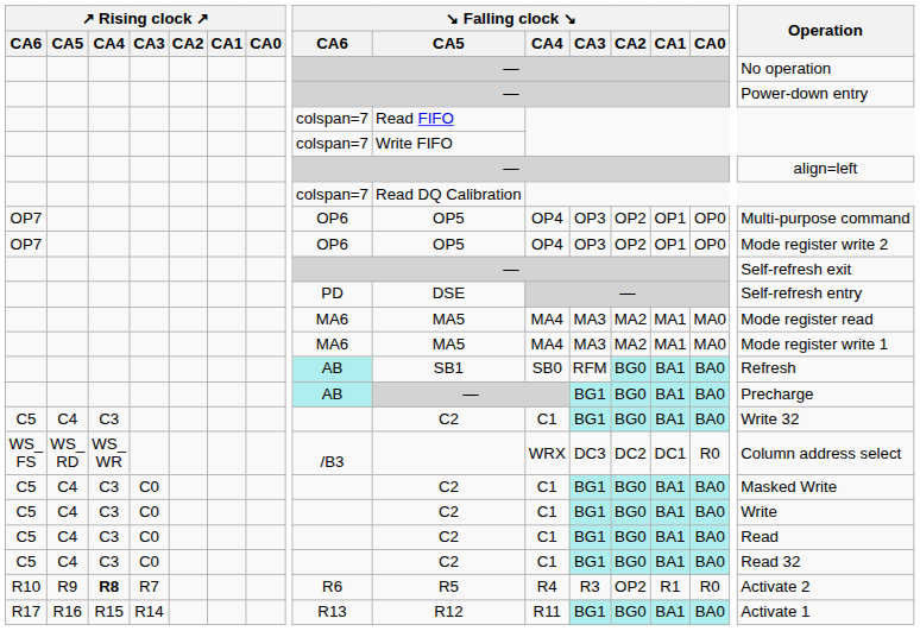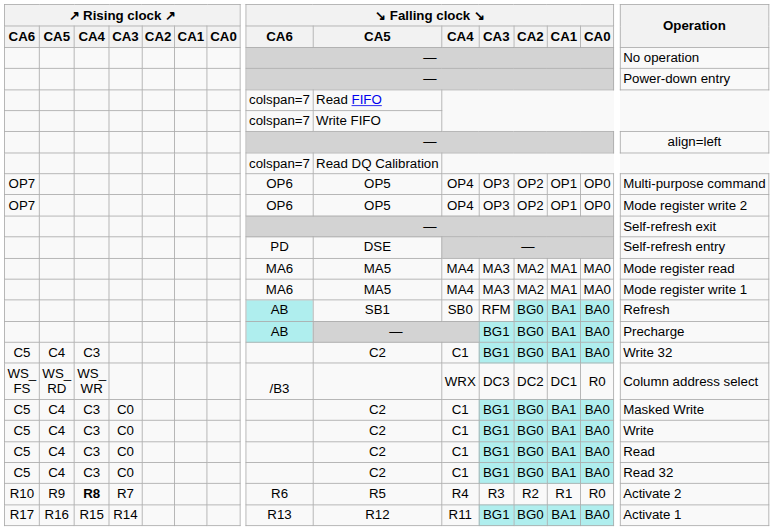 <table class="wikitable" style="text-align:center; border-width:0px;">
 <tr>
 <th colspan=7>↗ Rising clock ↗</th>
 <td rowspan=24 style="border-width:0px; background-color:#FFF;"></td>
 <th colspan=7>↘ Falling clock ↘</th>
 <td rowspan=24 style="border-width:0px; background-color:#FFF;"></td>
 <th rowspan=2>Operation</th>
 </tr>
 <tr>
 <th>CA6</th>
 <th>CA5</th>
 <th>CA4</th>
 <th>CA3</th>
 <th>CA2</th>
 <th>CA1</th>
 <th>CA0</th>
 <th>CA6</th>
 <th>CA5</th>
 <th>CA4</th>
 <th>CA3</th>
 <th>CA2</th>
 <th>CA1</th>
 <th>CA0</th>
 </tr>
 <tr>
 <td></td>
 <td></td>
 <td></td>
 <td></td>
 <td></td>
 <td></td>
 <td></td>
 <td colspan=7 bgcolor=lightgrey>—</td>
 <td align=left>No operation</td>
 </tr>
 <tr>
 <td></td>
 <td></td>
 <td></td>
 <td></td>
 <td></td>
 <td></td>
 <td></td>
 <td colspan=7 bgcolor=lightgrey>—</td>
 <td align=left>Power-down entry</td>
 </tr>
 <tr>
 <td></td>
 <td></td>
 <td></td>
 <td></td>
 <td></td>
 <td></td>
 <td></td>
 <td>colspan=7 </td>
 <td align=left>Read <a href='#'>FIFO</a></td>
 </tr>
 <tr>
 <td></td>
 <td></td>
 <td></td>
 <td></td>
 <td></td>
 <td></td>
 <td></td>
 <td>colspan=7 </td>
 <td align=left>Write FIFO</td>
 </tr>
 <tr>
 <td></td>
 <td></td>
 <td></td>
 <td></td>
 <td></td>
 <td></td>
 <td></td>
 <td colspan=7 bgcolor=lightgrey>—</td>
 <td>align=left </td>
 </tr>
 <tr>
 <td></td>
 <td></td>
 <td></td>
 <td></td>
 <td></td>
 <td></td>
 <td></td>
 <td>colspan=7 </td>
 <td align=left>Read DQ Calibration</td>
 </tr>
 <tr>
 <td>OP7</td>
 <td></td>
 <td></td>
 <td></td>
 <td></td>
 <td></td>
 <td></td>
 <td>OP6</td>
 <td>OP5</td>
 <td>OP4</td>
 <td>OP3</td>
 <td>OP2</td>
 <td>OP1</td>
 <td>OP0</td>
 <td align=left>Multi-purpose command</td>
 </tr>
 <tr>
 <td>OP7</td>
 <td></td>
 <td></td>
 <td></td>
 <td></td>
 <td></td>
 <td></td>
 <td>OP6</td>
 <td>OP5</td>
 <td>OP4</td>
 <td>OP3</td>
 <td>OP2</td>
 <td>OP1</td>
 <td>OP0</td>
 <td align=left>Mode register write 2</td>
 </tr>
 <tr>
 <td></td>
 <td></td>
 <td></td>
 <td></td>
 <td></td>
 <td></td>
 <td></td>
 <td colspan=7 bgcolor=lightgrey>—</td>
 <td align=left>Self-refresh exit</td>
 </tr>
 <tr>
 <td></td>
 <td></td>
 <td></td>
 <td></td>
 <td></td>
 <td></td>
 <td></td>
 <td>PD</td>
 <td>DSE</td>
 <td colspan=5 bgcolor=lightgrey>—</td>
 <td align=left>Self-refresh entry</td>
 </tr>
 <tr>
 <td></td>
 <td></td>
 <td></td>
 <td></td>
 <td></td>
 <td></td>
 <td></td>
 <td>MA6</td>
 <td>MA5</td>
 <td>MA4</td>
 <td>MA3</td>
 <td>MA2</td>
 <td>MA1</td>
 <td>MA0</td>
 <td align=left>Mode register read</td>
 </tr>
 <tr>
 <td></td>
 <td></td>
 <td></td>
 <td></td>
 <td></td>
 <td></td>
 <td></td>
 <td>MA6</td>
 <td>MA5</td>
 <td>MA4</td>
 <td>MA3</td>
 <td>MA2</td>
 <td>MA1</td>
 <td>MA0</td>
 <td align=left>Mode register write 1</td>
 </tr>
 <tr>
 <td></td>
 <td></td>
 <td></td>
 <td></td>
 <td></td>
 <td></td>
 <td></td>
 <td bgcolor=paleturquoise>AB</td>
 <td>SB1</td>
 <td>SB0</td>
 <td>RFM</td>
 <td bgcolor=paleturquoise>BG0</td>
 <td bgcolor=paleturquoise>BA1</td>
 <td bgcolor=paleturquoise>BA0</td>
 <td align=left>Refresh</td>
 </tr>
 <tr>
 <td></td>
 <td></td>
 <td></td>
 <td></td>
 <td></td>
 <td></td>
 <td></td>
 <td bgcolor=paleturquoise>AB</td>
 <td colspan=2 bgcolor=lightgrey>—</td>
 <td bgcolor=paleturquoise>BG1</td>
 <td bgcolor=paleturquoise>BG0</td>
 <td bgcolor=paleturquoise>BA1</td>
 <td bgcolor=paleturquoise>BA0</td>
 <td align=left>Precharge</td>
 </tr>
 <tr>
 <td>C5</td>
 <td>C4</td>
 <td>C3</td>
 <td></td>
 <td></td>
 <td></td>
 <td></td>
 <td></td>
 <td>C2</td>
 <td>C1</td>
 <td bgcolor=paleturquoise>BG1</td>
 <td bgcolor=paleturquoise>BG0</td>
 <td bgcolor=paleturquoise>BA1</td>
 <td bgcolor=paleturquoise>BA0</td>
 <td align=left>Write 32</td>
 </tr>
 <tr>
 <td>WS_<br>FS</td>
 <td>WS_<br>RD</td>
 <td>WS_<br>WR</td>
 <td></td>
 <td></td>
 <td></td>
 <td></td>
 <td><br>/B3</td>
 <td></td>
 <td>WRX</td>
 <td>DC3</td>
 <td>DC2</td>
 <td>DC1</td>
 <td>R0</td>
 <td align=left>Column address select</td>
 </tr>
 <tr>
 <td>C5</td>
 <td>C4</td>
 <td>C3</td>
 <td>C0</td>
 <td></td>
 <td></td>
 <td></td>
 <td></td>
 <td>C2</td>
 <td>C1</td>
 <td bgcolor=paleturquoise>BG1</td>
 <td bgcolor=paleturquoise>BG0</td>
 <td bgcolor=paleturquoise>BA1</td>
 <td bgcolor=paleturquoise>BA0</td>
 <td align=left>Masked Write</td>
 </tr>
 <tr>
 <td>C5</td>
 <td>C4</td>
 <td>C3</td>
 <td>C0</td>
 <td></td>
 <td></td>
 <td></td>
 <td></td>
 <td>C2</td>
 <td>C1</td>
 <td bgcolor=paleturquoise>BG1</td>
 <td bgcolor=paleturquoise>BG0</td>
 <td bgcolor=paleturquoise>BA1</td>
 <td bgcolor=paleturquoise>BA0</td>
 <td align=left>Write</td>
 </tr>
 <tr>
 <td>C5</td>
 <td>C4</td>
 <td>C3</td>
 <td>C0</td>
 <td></td>
 <td></td>
 <td></td>
 <td></td>
 <td>C2</td>
 <td>C1</td>
 <td bgcolor=paleturquoise>BG1</td>
 <td bgcolor=paleturquoise>BG0</td>
 <td bgcolor=paleturquoise>BA1</td>
 <td bgcolor=paleturquoise>BA0</td>
 <td align=left>Read</td>
 </tr>
 <tr>
 <td>C5</td>
 <td>C4</td>
 <td>C3</td>
 <td>C0</td>
 <td></td>
 <td></td>
 <td></td>
 <td></td>
 <td>C2</td>
 <td>C1</td>
 <td bgcolor=paleturquoise>BG1</td>
 <td bgcolor=paleturquoise>BG0</td>
 <td bgcolor=paleturquoise>BA1</td>
 <td bgcolor=paleturquoise>BA0</td>
 <td align=left>Read 32</td>
 </tr>
 <tr>
 <td>R10</td>
 <td>R9</td>
 <td><strong>R8</strong></td>
 <td>R7</td>
 <td></td>
 <td></td>
 <td></td>
 <td>R6</td>
 <td>R5</td>
 <td>R4</td>
 <td>R3</td>
-<td>OP2</td>
+<td>R2</td>
 <td>R1</td>
 <td>R0</td>
 <td align=left>Activate 2</td>
 </tr>
 <tr>
 <td>R17</td>
 <td>R16</td>
 <td>R15</td>
 <td>R14</td>
 <td></td>
 <td></td>
 <td></td>
 <td>R13</td>
 <td>R12</td>
 <td>R11</td>
 <td bgcolor=paleturquoise>BG1</td>
 <td bgcolor=paleturquoise>BG0</td>
 <td bgcolor=paleturquoise>BA1</td>
 <td bgcolor=paleturquoise>BA0</td>
 <td align=left>Activate 1</td>
 </tr>
 </table>
